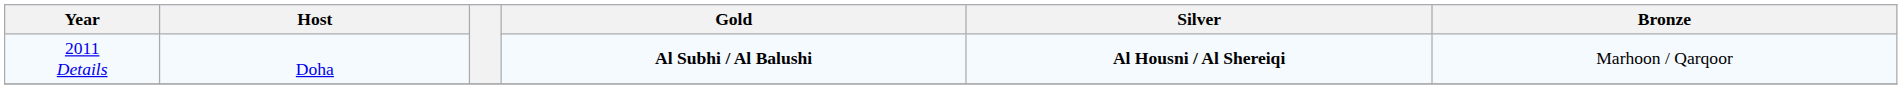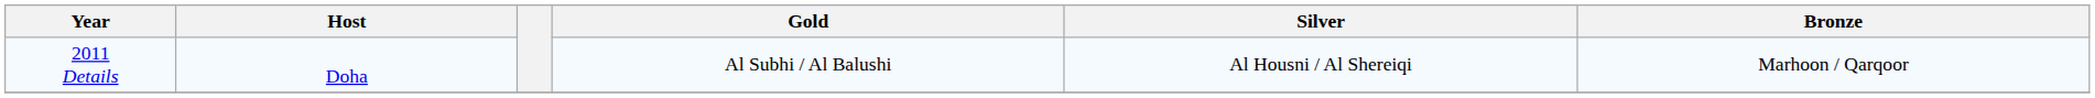 <table class="wikitable" style="font-size:90%; width: 98%; text-align: center;">
 <tr bgcolor=#C1D8FF>
 <th width=5%>Year</th>
 <th width=10%>Host</th>
 <th width=1% rowspan=2 bgcolor=ffffff></th>
 <th width=15%>Gold</th>
 <th width=15%>Silver</th>
 <th width=15%>Bronze</th>
 </tr>
 <tr bgcolor=#F5FAFF>
 <td><a href='#'>2011</a> <br> <em><a href='#'>Details</a></em></td>
 <td><br> <a href='#'>Doha</a></td>
-<td><strong> Al Subhi / Al Balushi</strong></td>
-<td><strong> Al Housni / Al Shereiqi</strong></td>
+<td> Al Subhi / Al Balushi</td>
+<td> Al Housni / Al Shereiqi</td>
 <td> Marhoon / Qarqoor</td>
 </tr>
 <tr bgcolor=#D0E7FF>
 </tr>
 </table>
